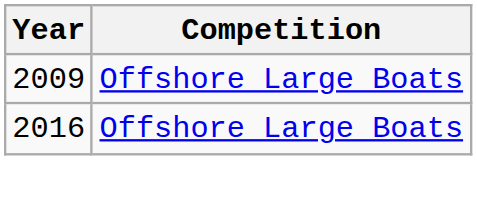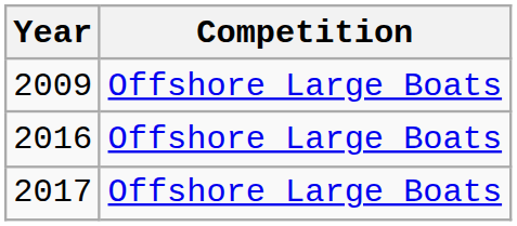 <table class="wikitable sortable" style="text-align:center;">
 <tr>
 <th style="text-align:center;">Year</th>
 <th style="text-align:center;">Competition</th>
 </tr>
 <tr>
 <td>2009</td>
 <td><a href='#'>Offshore Large Boats</a></td>
 </tr>
 <tr>
 <td>2016</td>
 <td><a href='#'>Offshore Large Boats</a></td>
 </tr>
+<tr>
+<td>2017</td>
+<td><a href='#'>Offshore Large Boats</a></td>
+</tr>
 </table>
